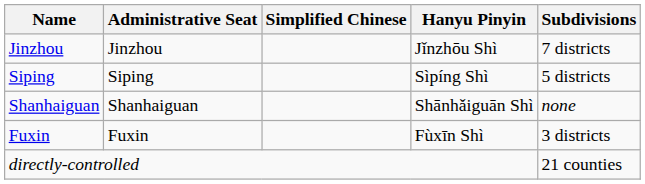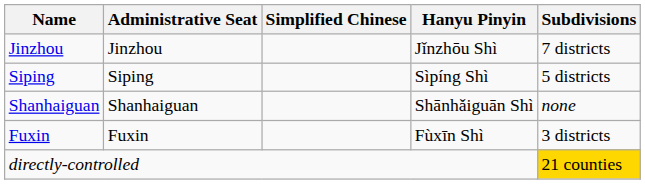 <table class="wikitable"  style="font-size:90%;" align=center>
 <tr>
 <th>Name</th>
 <th>Administrative Seat</th>
 <th>Simplified Chinese</th>
 <th>Hanyu Pinyin</th>
 <th>Subdivisions</th>
 </tr>
 <tr>
 <td><a href='#'>Jinzhou</a></td>
 <td>Jinzhou</td>
 <td><span></span></td>
 <td>Jǐnzhōu Shì</td>
 <td>7 districts</td>
 </tr>
 <tr>
 <td><a href='#'>Siping</a></td>
 <td>Siping</td>
 <td><span></span></td>
 <td>Sìpíng Shì</td>
 <td>5 districts</td>
 </tr>
 <tr>
 <td><a href='#'>Shanhaiguan</a></td>
 <td>Shanhaiguan</td>
 <td><span></span></td>
 <td>Shānhǎiguān Shì</td>
 <td><em>none</em></td>
 </tr>
 <tr>
 <td><a href='#'>Fuxin</a></td>
 <td>Fuxin</td>
 <td><span></span></td>
 <td>Fùxīn Shì</td>
 <td>3 districts</td>
 </tr>
 <tr>
 <td colspan="4"><em>directly-controlled</em></td>
-<td>21 counties</td>
+<td style="background: gold;">21 counties</td>
 </tr>
 </table>
